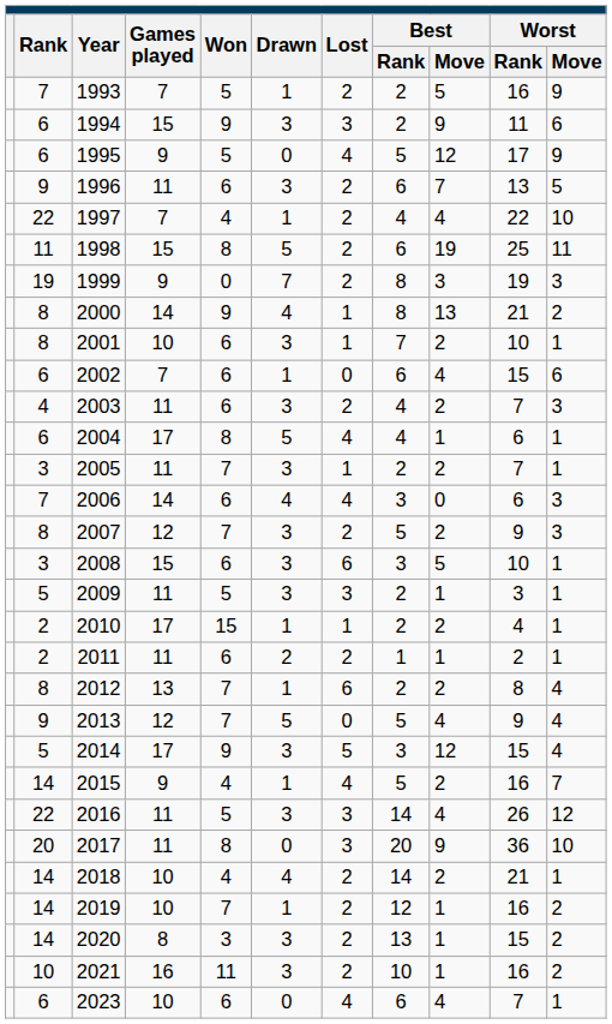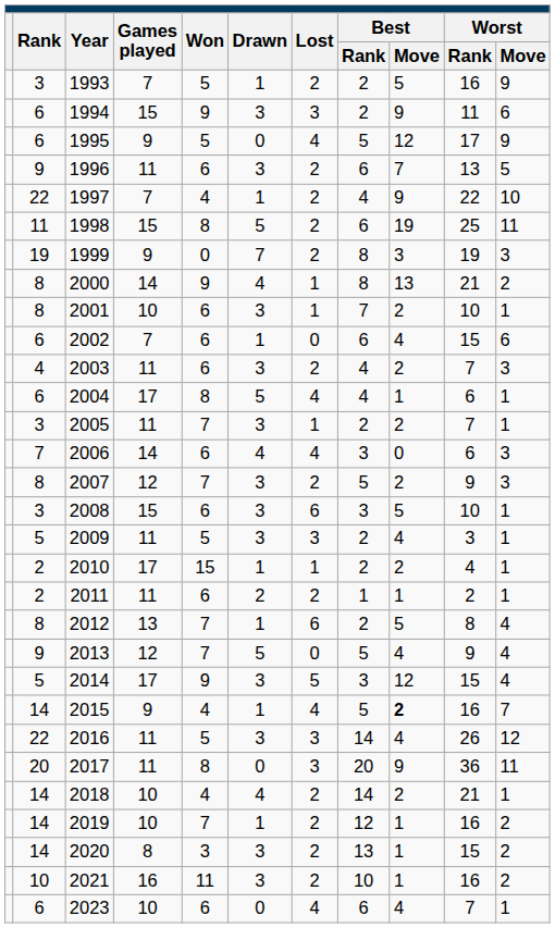 <table class="wikitable sortable" style="text-align:center">
 <tr>
 <th colspan=12 style="background:#013A5E;color:#FFFFFF;"><a href='#'></a></th>
 </tr>
 <tr>
 <th rowspan=2></th>
 <th rowspan=2>Rank</th>
 <th rowspan=2>Year</th>
 <th rowspan=2>Games<br>played</th>
 <th rowspan=2>Won</th>
 <th rowspan=2>Drawn</th>
 <th rowspan=2>Lost</th>
 <th colspan=2>Best</th>
 <th colspan=2>Worst</th>
 </tr>
 <tr>
 <th>Rank</th>
 <th>Move</th>
 <th>Rank</th>
 <th>Move</th>
 </tr>
 <tr>
 <td></td>
-<td>7</td>
+<td>3</td>
 <td>1993</td>
 <td>7</td>
 <td>5</td>
 <td>1</td>
 <td>2</td>
 <td>2</td>
 <td align=left> 5</td>
 <td>16</td>
 <td align=left> 9</td>
 </tr>
 <tr>
 <td></td>
 <td>6</td>
 <td>1994</td>
 <td>15</td>
 <td>9</td>
 <td>3</td>
 <td>3</td>
 <td>2</td>
 <td align=left> 9</td>
 <td>11</td>
 <td align=left> 6</td>
 </tr>
 <tr>
 <td></td>
 <td>6</td>
 <td>1995</td>
 <td>9</td>
 <td>5</td>
 <td>0</td>
 <td>4</td>
 <td>5</td>
 <td align=left> 12</td>
 <td>17</td>
 <td align=left> 9</td>
 </tr>
 <tr>
 <td></td>
 <td>9</td>
 <td>1996</td>
 <td>11</td>
 <td>6</td>
 <td>3</td>
 <td>2</td>
 <td>6</td>
 <td align=left> 7</td>
 <td>13</td>
 <td align=left> 5</td>
 </tr>
 <tr>
 <td></td>
 <td>22</td>
 <td>1997</td>
 <td>7</td>
 <td>4</td>
 <td>1</td>
 <td>2</td>
 <td>4</td>
-<td align=left> 4</td>
+<td align=left> 9</td>
 <td>22</td>
 <td align=left> 10</td>
 </tr>
 <tr>
 <td></td>
 <td>11</td>
 <td>1998</td>
 <td>15</td>
 <td>8</td>
 <td>5</td>
 <td>2</td>
 <td>6</td>
 <td align=left> 19</td>
 <td>25</td>
 <td align=left> 11</td>
 </tr>
 <tr>
 <td></td>
 <td>19</td>
 <td>1999</td>
 <td>9</td>
 <td>0</td>
 <td>7</td>
 <td>2</td>
 <td>8</td>
 <td align=left> 3</td>
 <td>19</td>
 <td align=left> 3</td>
 </tr>
 <tr>
 <td></td>
 <td>8</td>
 <td>2000</td>
 <td>14</td>
 <td>9</td>
 <td>4</td>
 <td>1</td>
 <td>8</td>
 <td align=left> 13</td>
 <td>21</td>
 <td align=left> 2</td>
 </tr>
 <tr>
 <td></td>
 <td>8</td>
 <td>2001</td>
 <td>10</td>
 <td>6</td>
 <td>3</td>
 <td>1</td>
 <td>7</td>
 <td align=left> 2</td>
 <td>10</td>
 <td align=left> 1</td>
 </tr>
 <tr>
 <td></td>
 <td>6</td>
 <td>2002</td>
 <td>7</td>
 <td>6</td>
 <td>1</td>
 <td>0</td>
 <td>6</td>
 <td align=left> 4</td>
 <td>15</td>
 <td align=left> 6</td>
 </tr>
 <tr>
 <td></td>
 <td>4</td>
 <td>2003</td>
 <td>11</td>
 <td>6</td>
 <td>3</td>
 <td>2</td>
 <td>4</td>
 <td align=left> 2</td>
 <td>7</td>
 <td align=left> 3</td>
 </tr>
 <tr>
 <td></td>
 <td>6</td>
 <td>2004</td>
 <td>17</td>
 <td>8</td>
 <td>5</td>
 <td>4</td>
 <td>4</td>
 <td align=left> 1</td>
 <td>6</td>
 <td align=left> 1</td>
 </tr>
 <tr>
 <td></td>
 <td>3</td>
 <td>2005</td>
 <td>11</td>
 <td>7</td>
 <td>3</td>
 <td>1</td>
 <td>2</td>
 <td align=left> 2</td>
 <td>7</td>
 <td align=left> 1</td>
 </tr>
 <tr>
 <td></td>
 <td>7</td>
 <td>2006</td>
 <td>14</td>
 <td>6</td>
 <td>4</td>
 <td>4</td>
 <td>3</td>
 <td align=left> 0</td>
 <td>6</td>
 <td align=left> 3</td>
 </tr>
 <tr>
 <td></td>
 <td>8</td>
 <td>2007</td>
 <td>12</td>
 <td>7</td>
 <td>3</td>
 <td>2</td>
 <td>5</td>
 <td align=left> 2</td>
 <td>9</td>
 <td align=left> 3</td>
 </tr>
 <tr>
 <td></td>
 <td>3</td>
 <td>2008</td>
 <td>15</td>
 <td>6</td>
 <td>3</td>
 <td>6</td>
 <td>3</td>
 <td align=left> 5</td>
 <td>10</td>
 <td align=left> 1</td>
 </tr>
 <tr>
 <td></td>
 <td>5</td>
 <td>2009</td>
 <td>11</td>
 <td>5</td>
 <td>3</td>
 <td>3</td>
 <td>2</td>
-<td align=left> 1</td>
+<td align=left> 4</td>
 <td>3</td>
 <td align=left> 1</td>
 </tr>
 <tr>
 <td></td>
 <td>2</td>
 <td>2010</td>
 <td>17</td>
 <td>15</td>
 <td>1</td>
 <td>1</td>
 <td>2</td>
 <td align=left> 2</td>
 <td>4</td>
 <td align=left> 1</td>
 </tr>
 <tr>
 <td></td>
 <td>2</td>
 <td>2011</td>
 <td>11</td>
 <td>6</td>
 <td>2</td>
 <td>2</td>
 <td>1</td>
 <td align=left> 1</td>
 <td>2</td>
 <td align=left> 1</td>
 </tr>
 <tr>
 <td></td>
 <td>8</td>
 <td>2012</td>
 <td>13</td>
 <td>7</td>
 <td>1</td>
 <td>6</td>
 <td>2</td>
-<td align=left> 2</td>
+<td align=left> 5</td>
 <td>8</td>
 <td align=left> 4</td>
 </tr>
 <tr>
 <td></td>
 <td>9</td>
 <td>2013</td>
 <td>12</td>
 <td>7</td>
 <td>5</td>
 <td>0</td>
 <td>5</td>
 <td align=left> 4</td>
 <td>9</td>
 <td align=left> 4</td>
 </tr>
 <tr>
 <td></td>
 <td>5</td>
 <td>2014</td>
 <td>17</td>
 <td>9</td>
 <td>3</td>
 <td>5</td>
 <td>3</td>
 <td align=left> 12</td>
 <td>15</td>
 <td align=left> 4</td>
 </tr>
 <tr>
 <td></td>
 <td>14</td>
 <td>2015</td>
 <td>9</td>
 <td>4</td>
 <td>1</td>
 <td>4</td>
 <td>5</td>
-<td align=left> 2</td>
+<td align=left><strong> 2</strong></td>
 <td>16</td>
 <td align=left> 7</td>
 </tr>
 <tr>
 <td> </td>
 <td>22</td>
 <td>2016</td>
 <td>11</td>
 <td>5</td>
 <td>3</td>
 <td>3</td>
 <td>14</td>
 <td align=left> 4</td>
 <td>26</td>
 <td align=left> 12</td>
 </tr>
 <tr>
 <td></td>
 <td>20</td>
 <td>2017</td>
 <td>11</td>
 <td>8</td>
 <td>0</td>
 <td>3</td>
 <td>20</td>
 <td align=left> 9</td>
 <td>36</td>
-<td align=left> 10</td>
+<td align=left> 11</td>
 </tr>
 <tr>
 <td></td>
 <td>14</td>
 <td>2018</td>
 <td>10</td>
 <td>4</td>
 <td>4</td>
 <td>2</td>
 <td>14</td>
 <td align=left> 2</td>
 <td>21</td>
 <td align=left> 1</td>
 </tr>
 <tr>
 <td></td>
 <td>14</td>
 <td>2019</td>
 <td>10</td>
 <td>7</td>
 <td>1</td>
 <td>2</td>
 <td>12</td>
 <td align=left> 1</td>
 <td>16</td>
 <td align=left> 2</td>
 </tr>
 <tr>
 <td></td>
 <td>14</td>
 <td>2020</td>
 <td>8</td>
 <td>3</td>
 <td>3</td>
 <td>2</td>
 <td>13</td>
 <td align=left> 1</td>
 <td>15</td>
 <td align=left> 2</td>
 </tr>
 <tr>
 <td></td>
 <td>10</td>
 <td>2021</td>
 <td>16</td>
 <td>11</td>
 <td>3</td>
 <td>2</td>
 <td>10</td>
 <td align=left> 1</td>
 <td>16</td>
 <td align=left> 2</td>
 </tr>
 <tr>
 <td></td>
 <td>6</td>
 <td>2023</td>
 <td>10</td>
 <td>6</td>
 <td>0</td>
 <td>4</td>
 <td>6</td>
 <td align=left> 4</td>
 <td>7</td>
 <td align=left> 1</td>
 </tr>
 </table>
